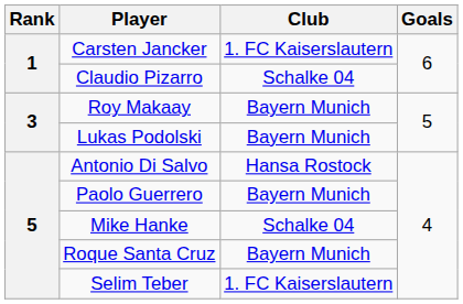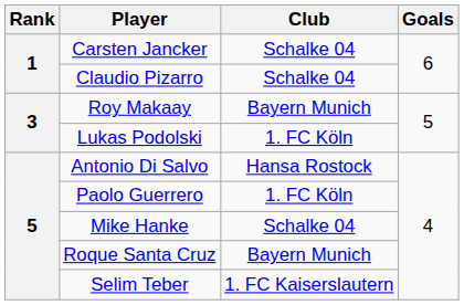 <table class="wikitable" style="text-align:center">
 <tr>
 <th>Rank</th>
 <th>Player</th>
 <th>Club</th>
 <th>Goals</th>
 </tr>
 <tr>
 <th rowspan="2">1</th>
 <td> <a href='#'>Carsten Jancker</a></td>
-<td><a href='#'>1. FC Kaiserslautern</a></td>
+<td><a href='#'>Schalke 04</a></td>
 <td rowspan="2" align="center">6</td>
 </tr>
 <tr>
 <td> <a href='#'>Claudio Pizarro</a></td>
 <td><a href='#'>Schalke 04</a></td>
 </tr>
 <tr>
 <th rowspan="2">3</th>
 <td> <a href='#'>Roy Makaay</a></td>
 <td><a href='#'>Bayern Munich</a></td>
 <td rowspan="2" align="center">5</td>
 </tr>
 <tr>
 <td> <a href='#'>Lukas Podolski</a></td>
-<td><a href='#'>Bayern Munich</a></td>
+<td><a href='#'>1. FC Köln</a></td>
 </tr>
 <tr>
 <th rowspan="5">5</th>
 <td> <a href='#'>Antonio Di Salvo</a></td>
 <td><a href='#'>Hansa Rostock</a></td>
 <td rowspan="5" align="center">4</td>
 </tr>
 <tr>
 <td> <a href='#'>Paolo Guerrero</a></td>
-<td><a href='#'>Bayern Munich</a></td>
+<td><a href='#'>1. FC Köln</a></td>
 </tr>
 <tr>
 <td> <a href='#'>Mike Hanke</a></td>
 <td><a href='#'>Schalke 04</a></td>
 </tr>
 <tr>
 <td> <a href='#'>Roque Santa Cruz</a></td>
 <td><a href='#'>Bayern Munich</a></td>
 </tr>
 <tr>
 <td> <a href='#'>Selim Teber</a></td>
 <td><a href='#'>1. FC Kaiserslautern</a></td>
 </tr>
 </table>
